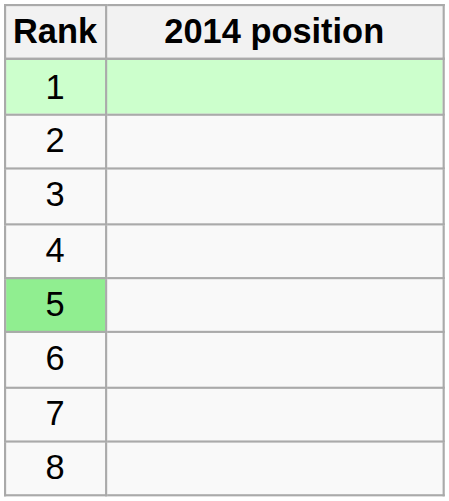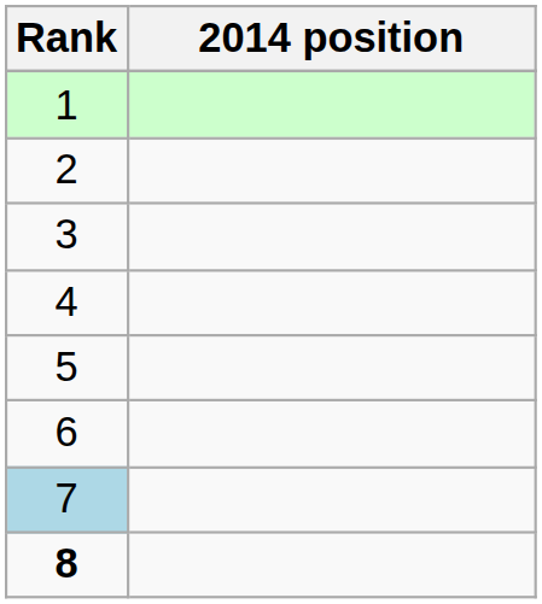 <table class="wikitable" style="text-align: center;">
 <tr>
 <th width="20">Rank</th>
 <th width="150">2014 position</th>
 </tr>
 <tr>
 </tr>
 <tr bgcolor=#ccffcc  align=center>
 <td>1</td>
 <td align=left></td>
 </tr>
 <tr>
 <td>2</td>
 <td align=left></td>
 </tr>
 <tr>
 <td>3</td>
 <td align=left></td>
 </tr>
 <tr>
 <td>4</td>
 <td align=left></td>
 </tr>
 <tr>
-<td style="background: lightgreen;">5</td>
+<td>5</td>
 <td align=left></td>
 </tr>
 <tr>
 <td>6</td>
 <td align=left></td>
 </tr>
 <tr>
-<td>7</td>
+<td style="background: lightblue;">7</td>
 <td align=left></td>
 </tr>
 <tr>
-<td>8</td>
+<td><strong>8</strong></td>
 <td align=left></td>
 </tr>
 </table>
